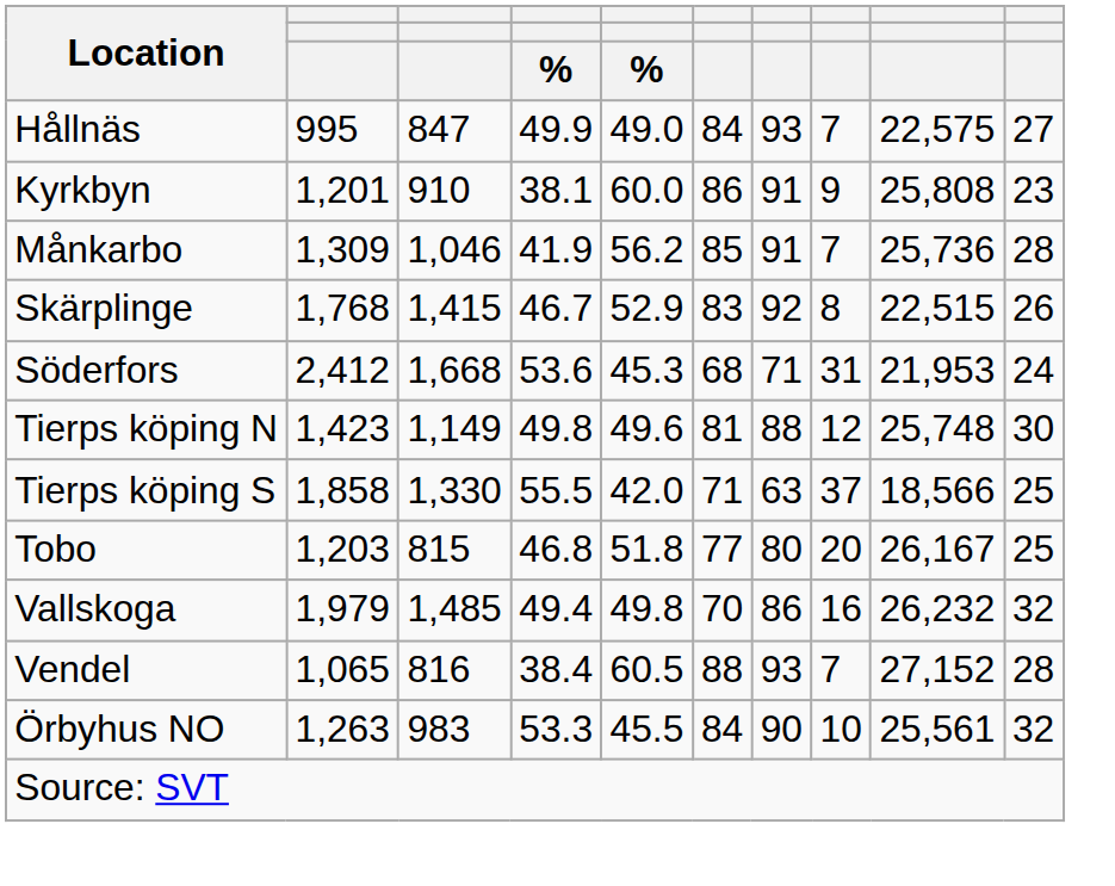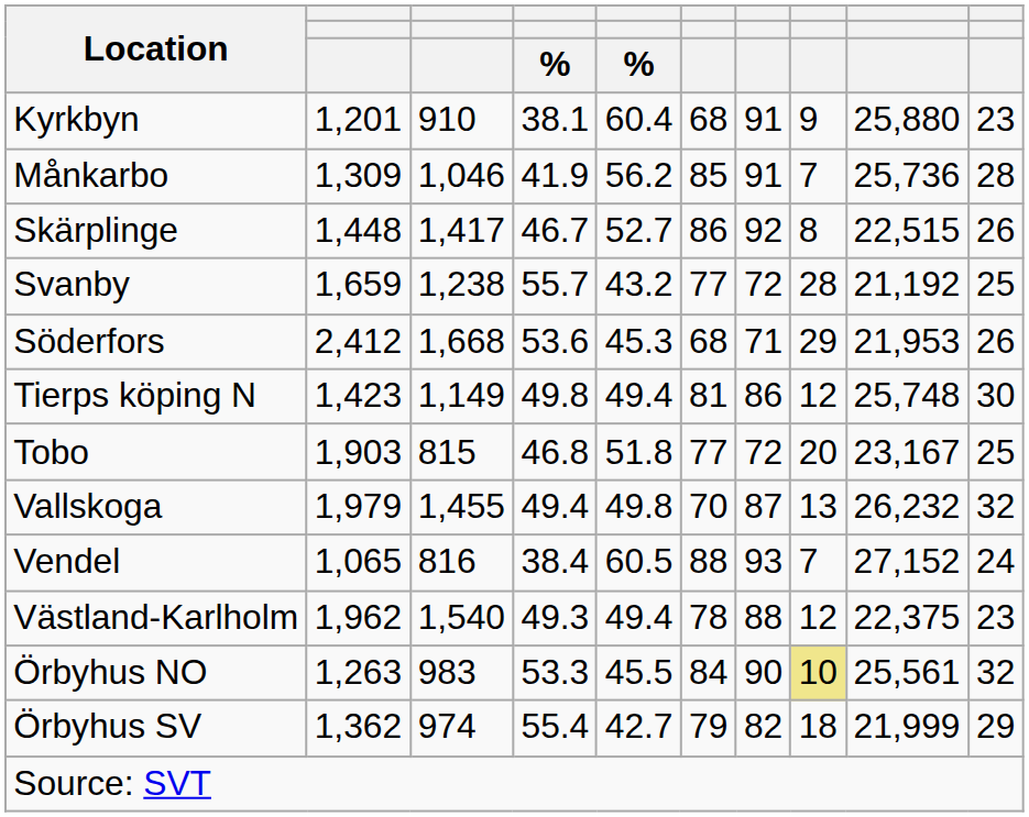 <table role="presentation" class="wikitable sortable mw-collapsible">
 <tr>
 <th rowspan="3">Location</th>
 <th></th>
 <th></th>
 <th></th>
 <th></th>
 <th></th>
 <th></th>
 <th></th>
 <th></th>
 <th></th>
 </tr>
 <tr>
 <th></th>
 <th></th>
 <th style="background:"></th>
 <th style="background:"></th>
 <th></th>
 <th></th>
 <th></th>
 <th></th>
 <th></th>
 </tr>
 <tr>
 <th data-sort-type="number"></th>
 <th data-sort-type="number"></th>
 <th data-sort-type="number">%</th>
 <th data-sort-type="number">%</th>
 <th data-sort-type="number"></th>
 <th data-sort-type="number"></th>
 <th data-sort-type="number"></th>
 <th data-sort-type="number"></th>
 <th data-sort-type="number"></th>
 </tr>
 <tr>
-<td align="left">Hållnäs</td>
-<td>995</td>
-<td>847</td>
-<td>49.9</td>
-<td>49.0</td>
-<td>84</td>
-<td>93</td>
-<td>7</td>
-<td>22,575</td>
-<td>27</td>
-</tr>
-<tr>
 <td align="left">Kyrkbyn</td>
 <td>1,201</td>
 <td>910</td>
 <td>38.1</td>
-<td>60.0</td>
-<td>86</td>
+<td>60.4</td>
+<td>68</td>
 <td>91</td>
 <td>9</td>
-<td>25,808</td>
+<td>25,880</td>
 <td>23</td>
 </tr>
 <tr>
 <td align="left">Månkarbo</td>
 <td>1,309</td>
 <td>1,046</td>
 <td>41.9</td>
 <td>56.2</td>
 <td>85</td>
 <td>91</td>
 <td>7</td>
 <td>25,736</td>
 <td>28</td>
 </tr>
 <tr>
 <td align="left">Skärplinge</td>
-<td>1,768</td>
-<td>1,415</td>
+<td>1,448</td>
+<td>1,417</td>
 <td>46.7</td>
-<td>52.9</td>
-<td>83</td>
+<td>52.7</td>
+<td>86</td>
 <td>92</td>
 <td>8</td>
 <td>22,515</td>
 <td>26</td>
+</tr>
+<tr>
+<td align="left">Svanby</td>
+<td>1,659</td>
+<td>1,238</td>
+<td>55.7</td>
+<td>43.2</td>
+<td>77</td>
+<td>72</td>
+<td>28</td>
+<td>21,192</td>
+<td>25</td>
 </tr>
 <tr>
 <td align="left">Söderfors</td>
 <td>2,412</td>
 <td>1,668</td>
 <td>53.6</td>
 <td>45.3</td>
 <td>68</td>
 <td>71</td>
-<td>31</td>
+<td>29</td>
 <td>21,953</td>
-<td>24</td>
+<td>26</td>
 </tr>
 <tr>
 <td align="left">Tierps köping N</td>
 <td>1,423</td>
 <td>1,149</td>
 <td>49.8</td>
-<td>49.6</td>
+<td>49.4</td>
 <td>81</td>
-<td>88</td>
+<td>86</td>
 <td>12</td>
 <td>25,748</td>
 <td>30</td>
 </tr>
 <tr>
-<td align="left">Tierps köping S</td>
-<td>1,858</td>
-<td>1,330</td>
-<td>55.5</td>
-<td>42.0</td>
-<td>71</td>
-<td>63</td>
-<td>37</td>
-<td>18,566</td>
-<td>25</td>
-</tr>
-<tr>
 <td align="left">Tobo</td>
-<td>1,203</td>
+<td>1,903</td>
 <td>815</td>
 <td>46.8</td>
 <td>51.8</td>
 <td>77</td>
-<td>80</td>
+<td>72</td>
 <td>20</td>
-<td>26,167</td>
+<td>23,167</td>
 <td>25</td>
 </tr>
 <tr>
 <td align="left">Vallskoga</td>
 <td>1,979</td>
-<td>1,485</td>
+<td>1,455</td>
 <td>49.4</td>
 <td>49.8</td>
 <td>70</td>
-<td>86</td>
-<td>16</td>
+<td>87</td>
+<td>13</td>
 <td>26,232</td>
 <td>32</td>
 </tr>
 <tr>
 <td align="left">Vendel</td>
 <td>1,065</td>
 <td>816</td>
 <td>38.4</td>
 <td>60.5</td>
 <td>88</td>
 <td>93</td>
 <td>7</td>
 <td>27,152</td>
-<td>28</td>
+<td>24</td>
+</tr>
+<tr>
+<td align="left">Västland-Karlholm</td>
+<td>1,962</td>
+<td>1,540</td>
+<td>49.3</td>
+<td>49.4</td>
+<td>78</td>
+<td>88</td>
+<td>12</td>
+<td>22,375</td>
+<td>23</td>
 </tr>
 <tr>
 <td align="left">Örbyhus NO</td>
 <td>1,263</td>
 <td>983</td>
 <td>53.3</td>
 <td>45.5</td>
 <td>84</td>
 <td>90</td>
-<td>10</td>
+<td style="background: khaki;">10</td>
 <td>25,561</td>
 <td>32</td>
+</tr>
+<tr>
+<td align="left">Örbyhus SV</td>
+<td>1,362</td>
+<td>974</td>
+<td>55.4</td>
+<td>42.7</td>
+<td>79</td>
+<td>82</td>
+<td>18</td>
+<td>21,999</td>
+<td>29</td>
 </tr>
 <tr>
 <td colspan="10" align="left">Source: <a href='#'>SVT</a></td>
 </tr>
 </table>
